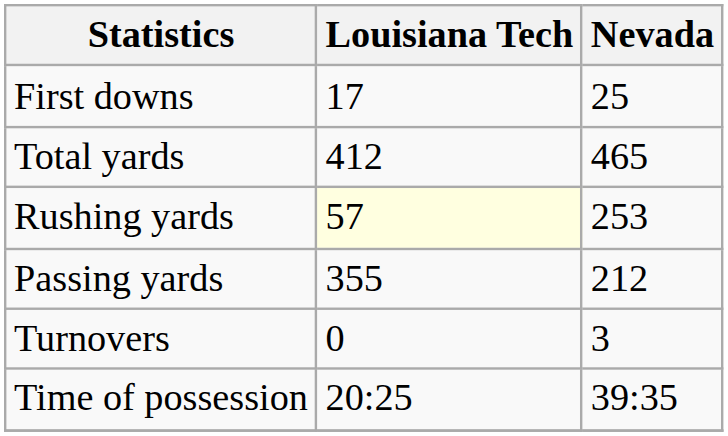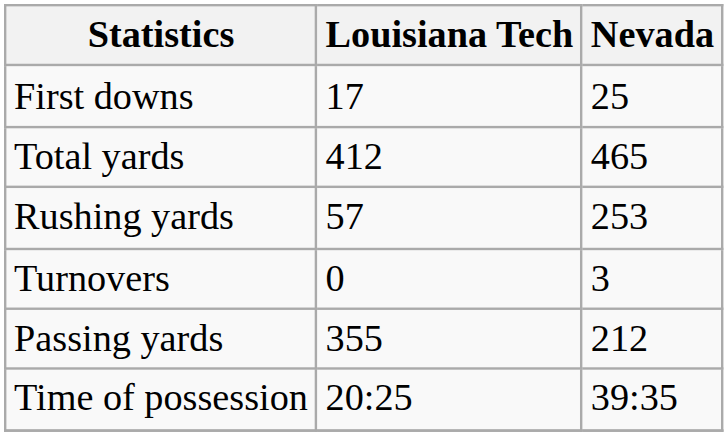 <table class="wikitable">
 <tr>
 <th>Statistics</th>
 <th>Louisiana Tech</th>
 <th>Nevada</th>
 </tr>
 <tr>
 <td>First downs</td>
 <td>17</td>
 <td>25</td>
 </tr>
 <tr>
 <td>Total yards</td>
 <td>412</td>
 <td>465</td>
 </tr>
 <tr>
 <td>Rushing yards</td>
-<td style="background: lightyellow;">57</td>
+<td>57</td>
 <td>253</td>
+</tr>
+<tr>
+<td>Turnovers</td>
+<td>0</td>
+<td>3</td>
 </tr>
 <tr>
 <td>Passing yards</td>
 <td>355</td>
 <td>212</td>
-</tr>
-<tr>
-<td>Turnovers</td>
-<td>0</td>
-<td>3</td>
 </tr>
 <tr>
 <td>Time of possession</td>
 <td>20:25</td>
 <td>39:35</td>
 </tr>
 <tr>
 </tr>
 </table>
